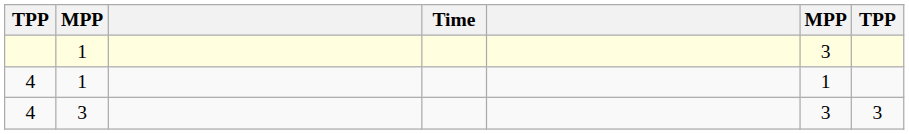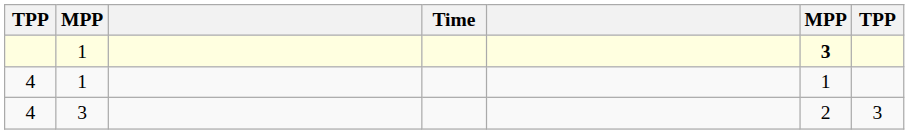 <table class="wikitable" style="text-align: center;" |>
 <tr>
 <th width="35">TPP</th>
 <th width="35">MPP</th>
 <th width="250"></th>
 <th width="45">Time</th>
 <th width="250"></th>
 <th width="35">MPP</th>
 <th width="35">TPP</th>
 </tr>
 <tr bgcolor=lightyellow>
 <td></td>
 <td>1</td>
 <td style="text-align:left;"><strong></strong></td>
 <td></td>
 <td style="text-align:left;"></td>
-<td>3</td>
+<td><strong>3</strong></td>
 <td></td>
 </tr>
 <tr>
 <td>4</td>
 <td>1</td>
 <td style="text-align:left;"></td>
 <td></td>
 <td style="text-align:left;"><strong></strong></td>
 <td>1</td>
 <td></td>
 </tr>
 <tr>
 <td>4</td>
 <td>3</td>
 <td style="text-align:left;"><strong></strong></td>
 <td></td>
 <td style="text-align:left;"></td>
-<td>3</td>
+<td>2</td>
 <td>3</td>
 </tr>
 </table>
